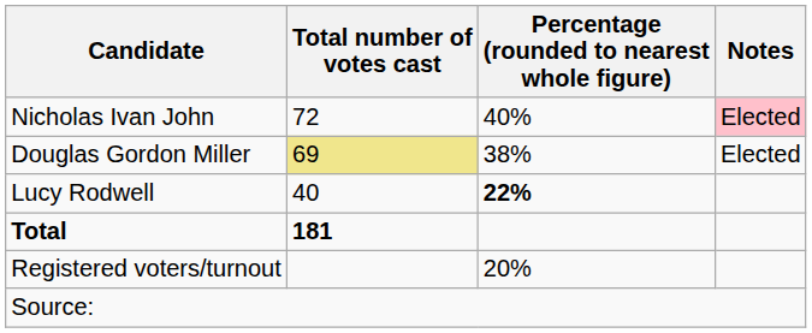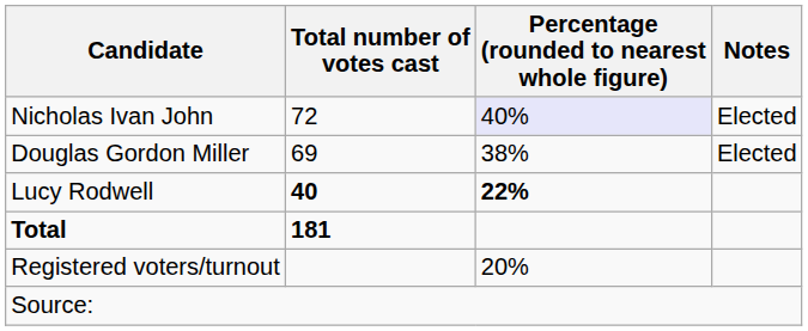 <table class="wikitable">
 <tr>
 <th><strong>Candidate</strong></th>
 <th><strong>Total number of</strong><br><strong>votes cast</strong></th>
 <th><strong>Percentage</strong><br><strong>(rounded to nearest</strong><br><strong>whole figure)</strong></th>
 <th><strong>Notes</strong></th>
 </tr>
 <tr>
 <td>Nicholas Ivan John</td>
 <td>72</td>
-<td>40%</td>
-<td style="background: pink;">Elected</td>
+<td style="background: lavender;">40%</td>
+<td>Elected</td>
 </tr>
 <tr>
 <td>Douglas Gordon Miller</td>
-<td style="background: khaki;">69</td>
+<td>69</td>
 <td>38%</td>
 <td>Elected</td>
 </tr>
 <tr>
 <td>Lucy Rodwell</td>
-<td>40</td>
+<td><strong>40</strong></td>
 <td><strong>22%</strong></td>
 <td></td>
 </tr>
 <tr>
 <td><strong>Total</strong></td>
 <td><strong>181</strong></td>
 <td></td>
 <td></td>
 </tr>
 <tr>
 <td>Registered voters/turnout</td>
 <td></td>
 <td>20%</td>
 <td></td>
 </tr>
 <tr>
 <td colspan="4">Source: </td>
 </tr>
 </table>
